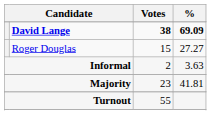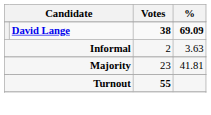 <table class="wikitable" style="font-size: 95%;">
 <tr style="background-color:#E9E9E9">
 <th colspan="2" style="width: 170px">Candidate</th>
 <th style="width: 50px">Votes</th>
 <th style="width: 40px">%</th>
 </tr>
 <tr>
 </tr>
 <tr>
 <th style="background-color: "></th>
 <td style="width: 170px"><strong><a href='#'>David Lange</a></strong></td>
 <td align="right"><strong>38</strong></td>
 <td align="right"><strong>69.09</strong></td>
-</tr>
-<tr>
-<th style="background-color: "></th>
-<td style="width: 170px"><a href='#'>Roger Douglas</a></td>
-<td align="right">15</td>
-<td align="right">27.27</td>
 </tr>
 <tr style="background-color:#F6F6F6">
 <td colspan="2" align="right"><strong>Informal</strong></td>
 <td align="right">2</td>
 <td align="right">3.63</td>
 </tr>
 <tr>
 </tr>
 <tr style="background-color:#F6F6F6">
 <td colspan="2" align="right"><strong>Majority</strong></td>
 <td align="right">23</td>
 <td align="right">41.81</td>
 </tr>
 <tr>
 </tr>
 <tr style="background-color:#F6F6F6">
 <td colspan="2" align="right"><strong>Turnout</strong></td>
-<td align="right">55</td>
+<td align="right"><strong>55</strong></td>
 <td></td>
 </tr>
 <tr>
 </tr>
 <tr style="background-color:#F6F6F6">
 </tr>
 </table>
